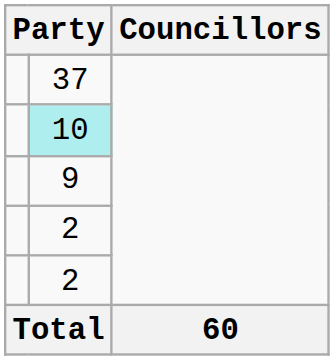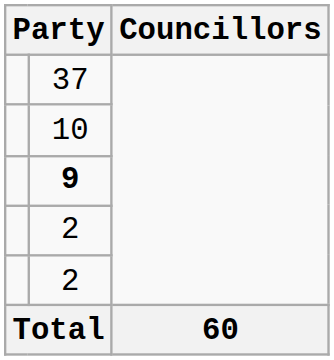 <table class="wikitable">
 <tr>
 <th colspan=2>Party</th>
 <th>Councillors</th>
 </tr>
 <tr>
 <td></td>
 <td align=center>37</td>
 </tr>
 <tr>
 <td></td>
-<td align=center style="background: paleturquoise;">10</td>
+<td align=center>10</td>
 </tr>
 <tr>
 <td></td>
-<td align=center>9</td>
+<td align=center><strong>9</strong></td>
 </tr>
 <tr>
 <td></td>
 <td align=center>2</td>
 </tr>
 <tr>
 <td></td>
 <td align=center>2</td>
 </tr>
 <tr>
 <th colspan=2>Total</th>
 <th align=center>60</th>
 </tr>
 </table>
